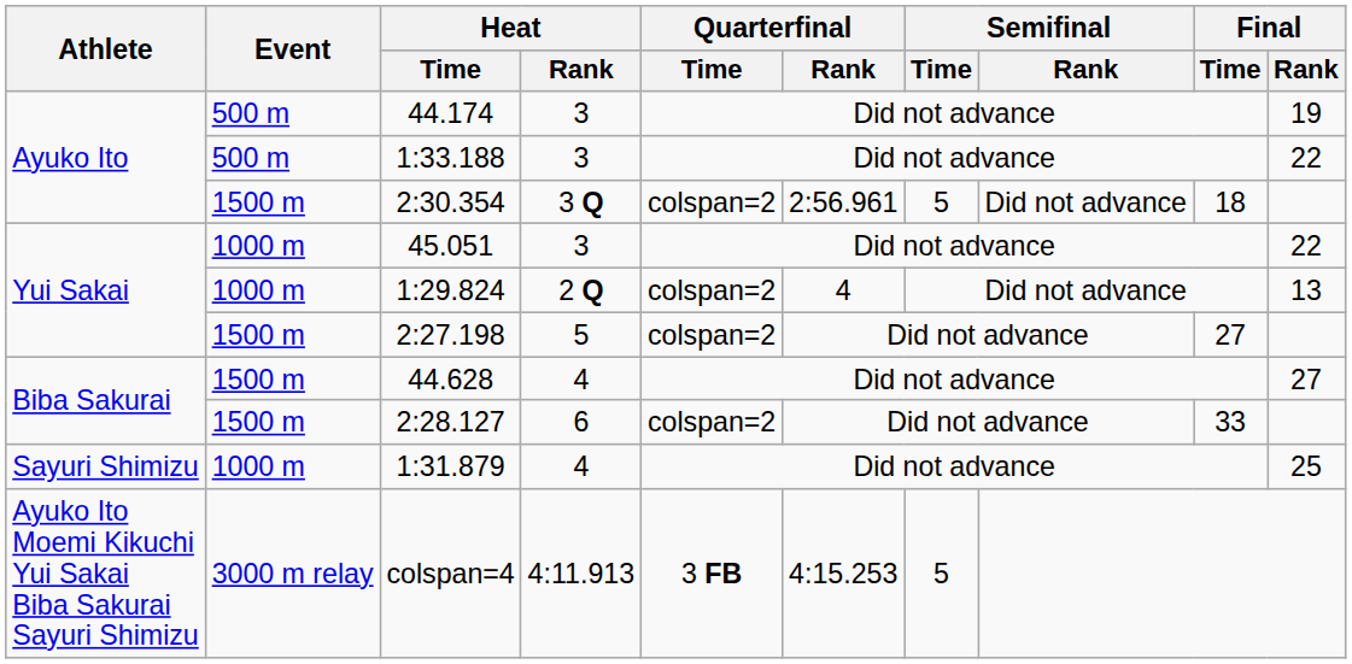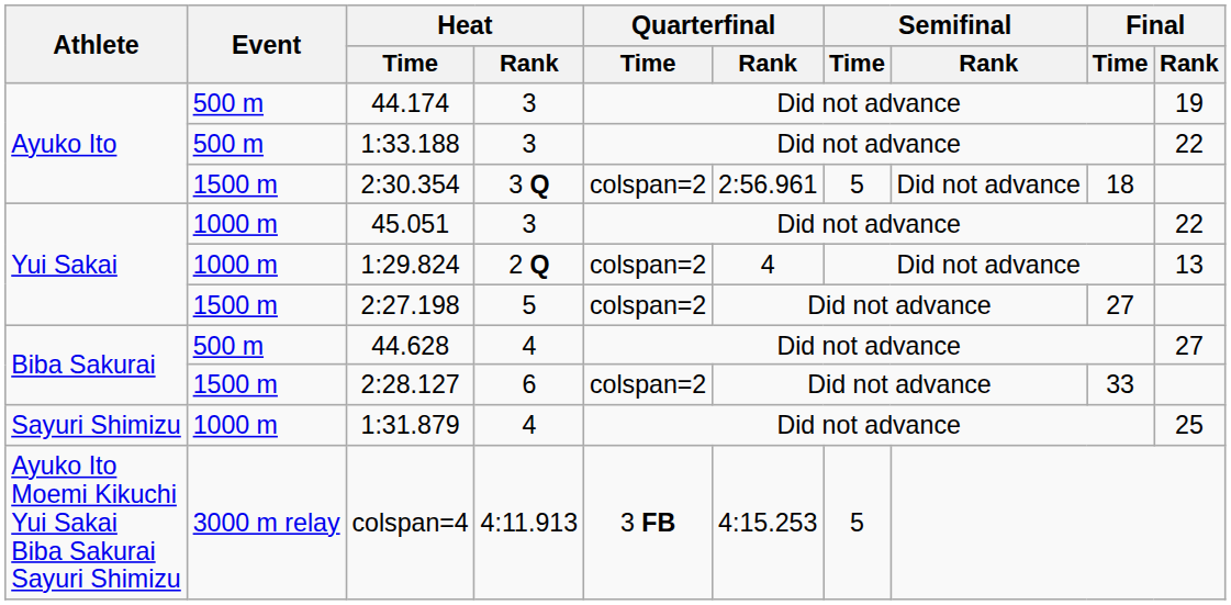 <table class="wikitable" style="font-size:90%">
 <tr>
 <th rowspan=2>Athlete</th>
 <th rowspan=2>Event</th>
 <th colspan=2>Heat</th>
 <th colspan=2>Quarterfinal</th>
 <th colspan=2>Semifinal</th>
 <th colspan=2>Final</th>
 </tr>
 <tr style="font-size:95%">
 <th>Time</th>
 <th>Rank</th>
 <th>Time</th>
 <th>Rank</th>
 <th>Time</th>
 <th>Rank</th>
 <th>Time</th>
 <th>Rank</th>
 </tr>
 <tr align=center>
 <td align=left rowspan=3><a href='#'>Ayuko Ito</a></td>
 <td align=left><a href='#'>500 m</a></td>
 <td>44.174</td>
 <td>3</td>
 <td colspan=5>Did not advance</td>
 <td>19</td>
 </tr>
 <tr align=center>
 <td align=left><a href='#'>500 m</a></td>
 <td>1:33.188</td>
 <td>3</td>
 <td colspan=5>Did not advance</td>
 <td>22</td>
 </tr>
 <tr align=center>
 <td align=left><a href='#'>1500 m</a></td>
 <td>2:30.354</td>
 <td>3 <strong>Q</strong></td>
 <td>colspan=2 </td>
 <td>2:56.961</td>
 <td>5</td>
 <td>Did not advance</td>
 <td>18</td>
 </tr>
 <tr align=center>
 <td align=left rowspan=3><a href='#'>Yui Sakai</a></td>
 <td align=left><a href='#'>1000 m</a></td>
 <td>45.051</td>
 <td>3</td>
 <td colspan=5>Did not advance</td>
 <td>22</td>
 </tr>
 <tr align=center>
 <td align=left><a href='#'>1000 m</a></td>
 <td>1:29.824</td>
 <td>2 <strong>Q</strong></td>
 <td>colspan=2 </td>
 <td>4</td>
 <td colspan=3>Did not advance</td>
 <td>13</td>
 </tr>
 <tr align=center>
 <td align=left><a href='#'>1500 m</a></td>
 <td>2:27.198</td>
 <td>5</td>
 <td>colspan=2 </td>
 <td colspan=3>Did not advance</td>
 <td>27</td>
 </tr>
 <tr align=center>
 <td align=left rowspan=2><a href='#'>Biba Sakurai</a></td>
-<td align=left><a href='#'>1500 m</a></td>
+<td align=left><a href='#'>500 m</a></td>
 <td>44.628</td>
 <td>4</td>
 <td colspan=5>Did not advance</td>
 <td>27</td>
 </tr>
 <tr align=center>
 <td align=left><a href='#'>1500 m</a></td>
 <td>2:28.127</td>
 <td>6</td>
 <td>colspan=2 </td>
 <td colspan=3>Did not advance</td>
 <td>33</td>
 </tr>
 <tr align=center>
 <td align=left><a href='#'>Sayuri Shimizu</a></td>
 <td align=left><a href='#'>1000 m</a></td>
 <td>1:31.879</td>
 <td>4</td>
 <td colspan=5>Did not advance</td>
 <td>25</td>
 </tr>
 <tr align=center>
 <td align=left><a href='#'>Ayuko Ito</a><br><a href='#'>Moemi Kikuchi</a> <br> <a href='#'>Yui Sakai</a><br><a href='#'>Biba Sakurai</a><br><a href='#'>Sayuri Shimizu</a></td>
 <td align=left><a href='#'>3000 m relay</a></td>
 <td>colspan=4 </td>
 <td>4:11.913</td>
 <td>3 <strong>FB</strong></td>
 <td>4:15.253</td>
 <td>5</td>
 </tr>
 </table>
